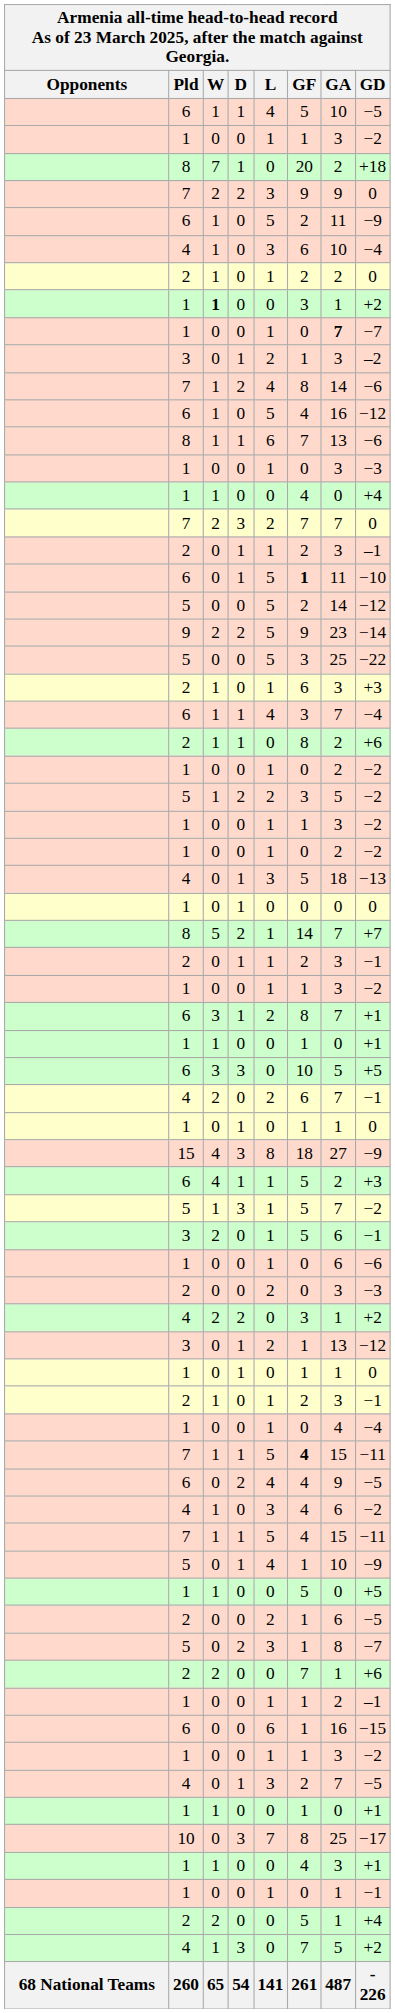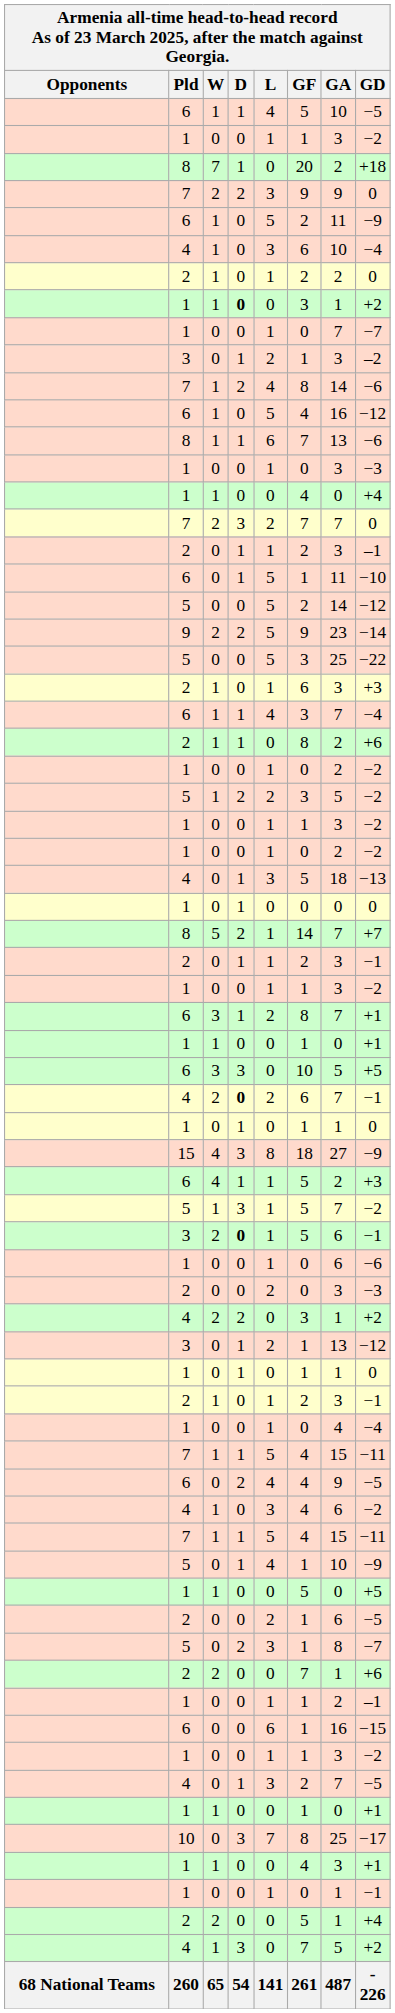 <table class="wikitable sortable collapsible collapsed" style="text-align:center;">
 <tr>
 <th colspan="8"><strong>Armenia all-time head-to-head record</strong><br>As of 23 March 2025, after the match against Georgia.</th>
 </tr>
 <tr style="color:black;">
 <th style="width:145px;">Opponents</th>
 <th style="width:11px;">Pld</th>
 <th style="width:1px;">W</th>
 <th style="width:1px;">D</th>
 <th style="width:1px;">L</th>
 <th style="width:1px;">GF</th>
 <th style="width:1px;">GA</th>
 <th style="width:1px;">GD</th>
 </tr>
 <tr style="background:#ffdacc;">
 <td style="text-align:left;"></td>
 <td>6</td>
 <td>1</td>
 <td>1</td>
 <td>4</td>
 <td>5</td>
 <td>10</td>
 <td>−5</td>
 </tr>
 <tr style="background:#ffdacc;">
 <td style="text-align:left;"></td>
 <td>1</td>
 <td>0</td>
 <td>0</td>
 <td>1</td>
 <td>1</td>
 <td>3</td>
 <td>−2</td>
 </tr>
 <tr style="background:#cfc;">
 <td style="text-align:left;"></td>
 <td>8</td>
 <td>7</td>
 <td>1</td>
 <td>0</td>
 <td>20</td>
 <td>2</td>
 <td>+18</td>
 </tr>
 <tr style="background:#ffdacc;">
 <td style="text-align:left;"></td>
 <td>7</td>
 <td>2</td>
 <td>2</td>
 <td>3</td>
 <td>9</td>
 <td>9</td>
 <td>0</td>
 </tr>
 <tr style="background:#ffdacc;">
 <td style="text-align:left;"></td>
 <td>6</td>
 <td>1</td>
 <td>0</td>
 <td>5</td>
 <td>2</td>
 <td>11</td>
 <td>−9</td>
 </tr>
 <tr style="background:#ffdacc;">
 <td style="text-align:left;"></td>
 <td>4</td>
 <td>1</td>
 <td>0</td>
 <td>3</td>
 <td>6</td>
 <td>10</td>
 <td>−4</td>
 </tr>
 <tr style="background:#ffc;">
 <td style="text-align:left;"></td>
 <td>2</td>
 <td>1</td>
 <td>0</td>
 <td>1</td>
 <td>2</td>
 <td>2</td>
 <td>0</td>
 </tr>
 <tr style="background:#cfc;">
 <td style="text-align:left;"></td>
 <td>1</td>
-<td><strong>1</strong></td>
-<td>0</td>
+<td>1</td>
+<td><strong>0</strong></td>
 <td>0</td>
 <td>3</td>
 <td>1</td>
 <td>+2</td>
 </tr>
 <tr style="background:#ffdacc;">
 <td style="text-align:left;"></td>
 <td>1</td>
 <td>0</td>
 <td>0</td>
 <td>1</td>
 <td>0</td>
-<td><strong>7</strong></td>
+<td>7</td>
 <td>−7</td>
 </tr>
 <tr style="background:#ffdacc;">
 <td style="text-align:left;"></td>
 <td>3</td>
 <td>0</td>
 <td>1</td>
 <td>2</td>
 <td>1</td>
 <td>3</td>
 <td>–2</td>
 </tr>
 <tr style="background:#ffdacc;">
 <td style="text-align:left;"></td>
 <td>7</td>
 <td>1</td>
 <td>2</td>
 <td>4</td>
 <td>8</td>
 <td>14</td>
 <td>−6</td>
 </tr>
 <tr style="background:#ffdacc;">
 <td style="text-align:left;"></td>
 <td>6</td>
 <td>1</td>
 <td>0</td>
 <td>5</td>
 <td>4</td>
 <td>16</td>
 <td>−12</td>
 </tr>
 <tr style="background:#ffdacc;">
 <td style="text-align:left;"></td>
 <td>8</td>
 <td>1</td>
 <td>1</td>
 <td>6</td>
 <td>7</td>
 <td>13</td>
 <td>−6</td>
 </tr>
 <tr style="background:#ffdacc;">
 <td style="text-align:left;"></td>
 <td>1</td>
 <td>0</td>
 <td>0</td>
 <td>1</td>
 <td>0</td>
 <td>3</td>
 <td>−3</td>
 </tr>
 <tr style="background:#cfc;">
 <td style="text-align:left;"></td>
 <td>1</td>
 <td>1</td>
 <td>0</td>
 <td>0</td>
 <td>4</td>
 <td>0</td>
 <td>+4</td>
 </tr>
 <tr style="background:#ffc;">
 <td style="text-align:left;"></td>
 <td>7</td>
 <td>2</td>
 <td>3</td>
 <td>2</td>
 <td>7</td>
 <td>7</td>
 <td>0</td>
 </tr>
 <tr style="background:#ffdacc;">
 <td style="text-align:left;"></td>
 <td>2</td>
 <td>0</td>
 <td>1</td>
 <td>1</td>
 <td>2</td>
 <td>3</td>
 <td>–1</td>
 </tr>
 <tr style="background:#ffdacc;">
 <td style="text-align:left;"></td>
 <td>6</td>
 <td>0</td>
 <td>1</td>
 <td>5</td>
-<td><strong>1</strong></td>
+<td>1</td>
 <td>11</td>
 <td>−10</td>
 </tr>
 <tr style="background:#ffdacc;">
 <td style="text-align:left;"></td>
 <td>5</td>
 <td>0</td>
 <td>0</td>
 <td>5</td>
 <td>2</td>
 <td>14</td>
 <td>−12</td>
 </tr>
 <tr style="background:#ffdacc;">
 <td style="text-align:left;"></td>
 <td>9</td>
 <td>2</td>
 <td>2</td>
 <td>5</td>
 <td>9</td>
 <td>23</td>
 <td>−14</td>
 </tr>
 <tr style="background:#ffdacc;">
 <td style="text-align:left;"></td>
 <td>5</td>
 <td>0</td>
 <td>0</td>
 <td>5</td>
 <td>3</td>
 <td>25</td>
 <td>−22</td>
 </tr>
 <tr style="background:#ffc;">
 <td style="text-align:left;"></td>
 <td>2</td>
 <td>1</td>
 <td>0</td>
 <td>1</td>
 <td>6</td>
 <td>3</td>
 <td>+3</td>
 </tr>
 <tr style="background:#ffdacc;">
 <td style="text-align:left;"></td>
 <td>6</td>
 <td>1</td>
 <td>1</td>
 <td>4</td>
 <td>3</td>
 <td>7</td>
 <td>−4</td>
 </tr>
 <tr style="background:#cfc;">
 <td style="text-align:left;"></td>
 <td>2</td>
 <td>1</td>
 <td>1</td>
 <td>0</td>
 <td>8</td>
 <td>2</td>
 <td>+6</td>
 </tr>
 <tr style="background:#ffdacc;">
 <td style="text-align:left;"></td>
 <td>1</td>
 <td>0</td>
 <td>0</td>
 <td>1</td>
 <td>0</td>
 <td>2</td>
 <td>−2</td>
 </tr>
 <tr style="background:#ffdacc;">
 <td style="text-align:left;"></td>
 <td>5</td>
 <td>1</td>
 <td>2</td>
 <td>2</td>
 <td>3</td>
 <td>5</td>
 <td>−2</td>
 </tr>
 <tr style="background:#ffdacc;">
 <td style="text-align:left;"></td>
 <td>1</td>
 <td>0</td>
 <td>0</td>
 <td>1</td>
 <td>1</td>
 <td>3</td>
 <td>−2</td>
 </tr>
 <tr style="background:#ffdacc;">
 <td style="text-align:left;"></td>
 <td>1</td>
 <td>0</td>
 <td>0</td>
 <td>1</td>
 <td>0</td>
 <td>2</td>
 <td>−2</td>
 </tr>
 <tr style="background:#ffdacc;">
 <td style="text-align:left;"></td>
 <td>4</td>
 <td>0</td>
 <td>1</td>
 <td>3</td>
 <td>5</td>
 <td>18</td>
 <td>−13</td>
 </tr>
 <tr style="background:#ffc;">
 <td style="text-align:left;"></td>
 <td>1</td>
 <td>0</td>
 <td>1</td>
 <td>0</td>
 <td>0</td>
 <td>0</td>
 <td>0</td>
 </tr>
 <tr style="background:#cfc;">
 <td style="text-align:left;"></td>
 <td>8</td>
 <td>5</td>
 <td>2</td>
 <td>1</td>
 <td>14</td>
 <td>7</td>
 <td>+7</td>
 </tr>
 <tr style="background:#ffdacc;">
 <td style="text-align:left;"></td>
 <td>2</td>
 <td>0</td>
 <td>1</td>
 <td>1</td>
 <td>2</td>
 <td>3</td>
 <td>−1</td>
 </tr>
 <tr style="background:#ffdacc;">
 <td style="text-align:left;"></td>
 <td>1</td>
 <td>0</td>
 <td>0</td>
 <td>1</td>
 <td>1</td>
 <td>3</td>
 <td>−2</td>
 </tr>
 <tr style="background:#cfc;">
 <td style="text-align:left;"></td>
 <td>6</td>
 <td>3</td>
 <td>1</td>
 <td>2</td>
 <td>8</td>
 <td>7</td>
 <td>+1</td>
 </tr>
 <tr style="background:#cfc;">
 <td style="text-align:left;"></td>
 <td>1</td>
 <td>1</td>
 <td>0</td>
 <td>0</td>
 <td>1</td>
 <td>0</td>
 <td>+1</td>
 </tr>
 <tr style="background:#cfc;">
 <td style="text-align:left;"></td>
 <td>6</td>
 <td>3</td>
 <td>3</td>
 <td>0</td>
 <td>10</td>
 <td>5</td>
 <td>+5</td>
 </tr>
 <tr style="background:#ffc;">
 <td style="text-align:left;"></td>
 <td>4</td>
 <td>2</td>
-<td>0</td>
+<td><strong>0</strong></td>
 <td>2</td>
 <td>6</td>
 <td>7</td>
 <td>−1</td>
 </tr>
 <tr style="background:#ffc;">
 <td style="text-align:left;"></td>
 <td>1</td>
 <td>0</td>
 <td>1</td>
 <td>0</td>
 <td>1</td>
 <td>1</td>
 <td>0</td>
 </tr>
 <tr style="background:#ffdacc;">
 <td style="text-align:left;"></td>
 <td>15</td>
 <td>4</td>
 <td>3</td>
 <td>8</td>
 <td>18</td>
 <td>27</td>
 <td>−9</td>
 </tr>
 <tr style="background:#cfc;">
 <td style="text-align:left;"></td>
 <td>6</td>
 <td>4</td>
 <td>1</td>
 <td>1</td>
 <td>5</td>
 <td>2</td>
 <td>+3</td>
 </tr>
 <tr style="background:#ffc;">
 <td style="text-align:left;"></td>
 <td>5</td>
 <td>1</td>
 <td>3</td>
 <td>1</td>
 <td>5</td>
 <td>7</td>
 <td>−2</td>
 </tr>
 <tr style="background:#cfc;">
 <td style="text-align:left;"></td>
 <td>3</td>
 <td>2</td>
-<td>0</td>
+<td><strong>0</strong></td>
 <td>1</td>
 <td>5</td>
 <td>6</td>
 <td>−1</td>
 </tr>
 <tr style="background:#ffdacc;">
 <td style="text-align:left;"></td>
 <td>1</td>
 <td>0</td>
 <td>0</td>
 <td>1</td>
 <td>0</td>
 <td>6</td>
 <td>−6</td>
 </tr>
 <tr style="background:#ffdacc;">
 <td style="text-align:left;"></td>
 <td>2</td>
 <td>0</td>
 <td>0</td>
 <td>2</td>
 <td>0</td>
 <td>3</td>
 <td>−3</td>
 </tr>
 <tr style="background:#cfc;">
 <td style="text-align:left;"></td>
 <td>4</td>
 <td>2</td>
 <td>2</td>
 <td>0</td>
 <td>3</td>
 <td>1</td>
 <td>+2</td>
 </tr>
 <tr style="background:#ffdacc;">
 <td style="text-align:left;"></td>
 <td>3</td>
 <td>0</td>
 <td>1</td>
 <td>2</td>
 <td>1</td>
 <td>13</td>
 <td>−12</td>
 </tr>
 <tr style="background:#ffc;">
 <td style="text-align:left;"></td>
 <td>1</td>
 <td>0</td>
 <td>1</td>
 <td>0</td>
 <td>1</td>
 <td>1</td>
 <td>0</td>
 </tr>
 <tr style="background:#ffc;">
 <td style="text-align:left;"></td>
 <td>2</td>
 <td>1</td>
 <td>0</td>
 <td>1</td>
 <td>2</td>
 <td>3</td>
 <td>−1</td>
 </tr>
 <tr style="background:#ffdacc;">
 <td style="text-align:left;"></td>
 <td>1</td>
 <td>0</td>
 <td>0</td>
 <td>1</td>
 <td>0</td>
 <td>4</td>
 <td>−4</td>
 </tr>
 <tr style="background:#ffdacc;">
 <td style="text-align:left;"></td>
 <td>7</td>
 <td>1</td>
 <td>1</td>
 <td>5</td>
-<td><strong>4</strong></td>
+<td>4</td>
 <td>15</td>
 <td>−11</td>
 </tr>
 <tr style="background:#ffdacc;">
 <td style="text-align:left;"></td>
 <td>6</td>
 <td>0</td>
 <td>2</td>
 <td>4</td>
 <td>4</td>
 <td>9</td>
 <td>−5</td>
 </tr>
 <tr style="background:#ffdacc;">
 <td style="text-align:left;"></td>
 <td>4</td>
 <td>1</td>
 <td>0</td>
 <td>3</td>
 <td>4</td>
 <td>6</td>
 <td>−2</td>
 </tr>
 <tr style="background:#ffdacc;">
 <td style="text-align:left;"></td>
 <td>7</td>
 <td>1</td>
 <td>1</td>
 <td>5</td>
 <td>4</td>
 <td>15</td>
 <td>−11</td>
 </tr>
 <tr style="background:#ffdacc;">
 <td style="text-align:left;"></td>
 <td>5</td>
 <td>0</td>
 <td>1</td>
 <td>4</td>
 <td>1</td>
 <td>10</td>
 <td>−9</td>
 </tr>
 <tr style="background:#cfc;">
 <td style="text-align:left;"></td>
 <td>1</td>
 <td>1</td>
 <td>0</td>
 <td>0</td>
 <td>5</td>
 <td>0</td>
 <td>+5</td>
 </tr>
 <tr style="background:#ffdacc;">
 <td style="text-align:left;"></td>
 <td>2</td>
 <td>0</td>
 <td>0</td>
 <td>2</td>
 <td>1</td>
 <td>6</td>
 <td>−5</td>
 </tr>
 <tr style="background:#ffdacc;">
 <td style="text-align:left;"></td>
 <td>5</td>
 <td>0</td>
 <td>2</td>
 <td>3</td>
 <td>1</td>
 <td>8</td>
 <td>−7</td>
 </tr>
 <tr style="background:#cfc;">
 <td style="text-align:left;"></td>
 <td>2</td>
 <td>2</td>
 <td>0</td>
 <td>0</td>
 <td>7</td>
 <td>1</td>
 <td>+6</td>
 </tr>
 <tr style="background:#ffdacc;">
 <td style="text-align:left;"></td>
 <td>1</td>
 <td>0</td>
 <td>0</td>
 <td>1</td>
 <td>1</td>
 <td>2</td>
 <td>–1</td>
 </tr>
 <tr style="background:#ffdacc;">
 <td style="text-align:left;"></td>
 <td>6</td>
 <td>0</td>
 <td>0</td>
 <td>6</td>
 <td>1</td>
 <td>16</td>
 <td>−15</td>
 </tr>
 <tr style="background:#ffdacc;">
 <td style="text-align:left;"></td>
 <td>1</td>
 <td>0</td>
 <td>0</td>
 <td>1</td>
 <td>1</td>
 <td>3</td>
 <td>−2</td>
 </tr>
 <tr style="background:#ffdacc;">
 <td style="text-align:left;"></td>
 <td>4</td>
 <td>0</td>
 <td>1</td>
 <td>3</td>
 <td>2</td>
 <td>7</td>
 <td>−5</td>
 </tr>
 <tr style="background:#cfc;">
 <td style="text-align:left;"></td>
 <td>1</td>
 <td>1</td>
 <td>0</td>
 <td>0</td>
 <td>1</td>
 <td>0</td>
 <td>+1</td>
 </tr>
 <tr style="background:#ffdacc;">
 <td style="text-align:left;"></td>
 <td>10</td>
 <td>0</td>
 <td>3</td>
 <td>7</td>
 <td>8</td>
 <td>25</td>
 <td>−17</td>
 </tr>
 <tr style="background:#cfc;">
 <td style="text-align:left;"></td>
 <td>1</td>
 <td>1</td>
 <td>0</td>
 <td>0</td>
 <td>4</td>
 <td>3</td>
 <td>+1</td>
 </tr>
 <tr style="background:#ffdacc;">
 <td style="text-align:left;"></td>
 <td>1</td>
 <td>0</td>
 <td>0</td>
 <td>1</td>
 <td>0</td>
 <td>1</td>
 <td>−1</td>
 </tr>
 <tr style="background:#cfc;">
 <td style="text-align:left;"></td>
 <td>2</td>
 <td>2</td>
 <td>0</td>
 <td>0</td>
 <td>5</td>
 <td>1</td>
 <td>+4</td>
 </tr>
 <tr style="background:#cfc;">
 <td style="text-align:left;"></td>
 <td>4</td>
 <td>1</td>
 <td>3</td>
 <td>0</td>
 <td>7</td>
 <td>5</td>
 <td>+2</td>
 </tr>
 <tr class="sortbottom">
 <th>68 National Teams </th>
 <th>260</th>
 <th>65</th>
 <th>54</th>
 <th>141</th>
 <th>261</th>
 <th>487</th>
 <th>- 226</th>
 </tr>
 </table>
